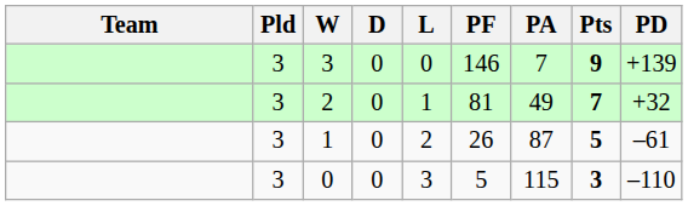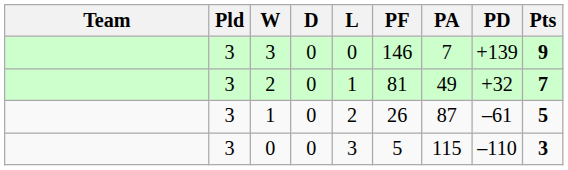 <table class="wikitable" style="text-align:center;">
 <tr>
 <th width=155>Team</th>
 <th width=25 abbr="Played">Pld</th>
 <th width=25 abbr="Won">W</th>
 <th width=25 abbr="Drawn">D</th>
 <th width=25 abbr="Lost">L</th>
 <th width=32 abbr="Points for">PF</th>
 <th width=32 abbr="Points against">PA</th>
+<th width=32 abbr="Points difference">PD</th>
 <th width=25 abbr="Points">Pts</th>
-<th width=32 abbr="Points difference">PD</th>
 </tr>
 <tr style="background:#cfc;">
 <td align=left></td>
 <td>3</td>
 <td>3</td>
 <td>0</td>
 <td>0</td>
 <td>146</td>
 <td>7</td>
+<td>+139</td>
 <td><strong>9</strong></td>
-<td>+139</td>
 </tr>
 <tr style="background:#cfc;">
 <td align=left></td>
 <td>3</td>
 <td>2</td>
 <td>0</td>
 <td>1</td>
 <td>81</td>
 <td>49</td>
+<td>+32</td>
 <td><strong>7</strong></td>
-<td>+32</td>
 </tr>
 <tr>
 <td align=left></td>
 <td>3</td>
 <td>1</td>
 <td>0</td>
 <td>2</td>
 <td>26</td>
 <td>87</td>
+<td>–61</td>
 <td><strong>5</strong></td>
-<td>–61</td>
 </tr>
 <tr>
 <td align=left></td>
 <td>3</td>
 <td>0</td>
 <td>0</td>
 <td>3</td>
 <td>5</td>
 <td>115</td>
+<td>–110</td>
 <td><strong>3</strong></td>
-<td>–110</td>
 </tr>
 </table>
